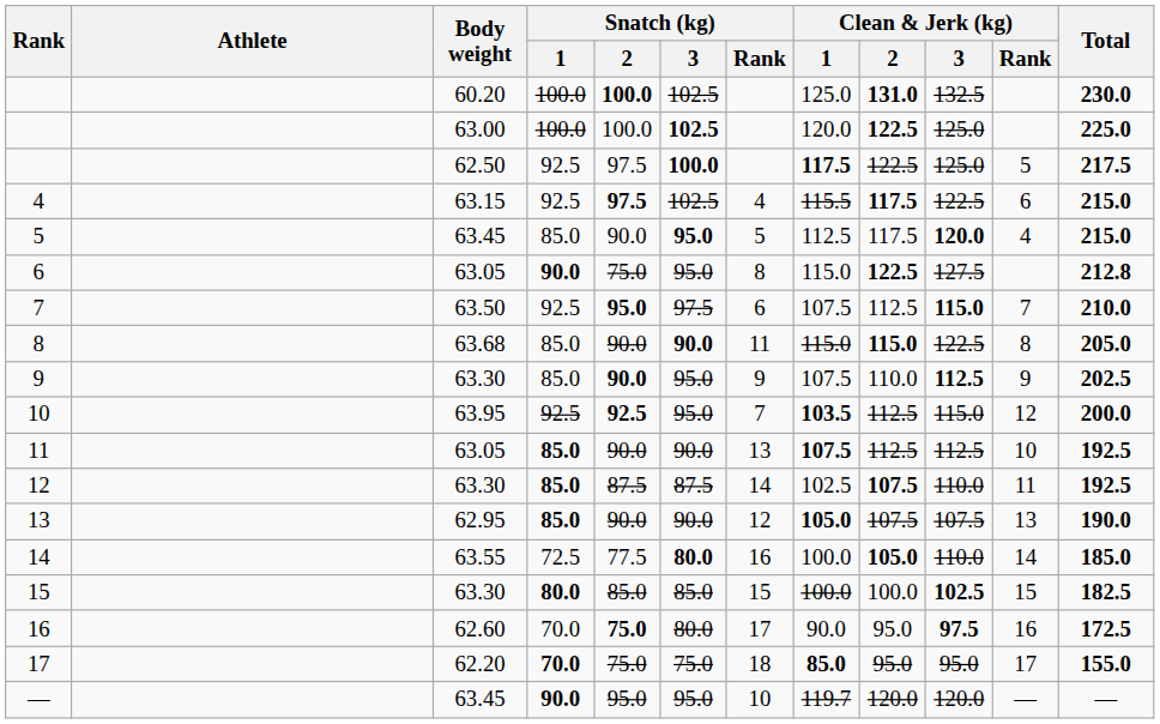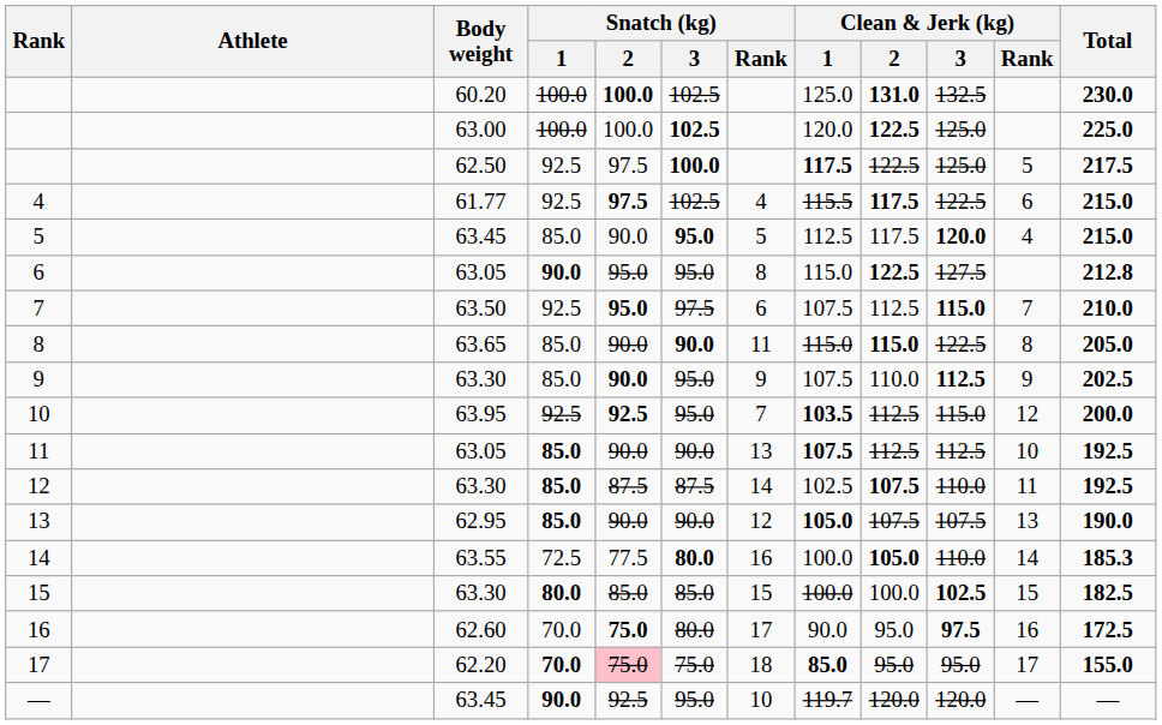 <table class = "wikitable" style="text-align:center;">
 <tr>
 <th rowspan=2 width=40>Rank</th>
 <th rowspan=2 width=250>Athlete</th>
 <th rowspan=2 width=60>Body weight</th>
 <th colspan=4>Snatch (kg)</th>
 <th colspan=4>Clean & Jerk (kg)</th>
 <th rowspan=2 width=60>Total</th>
 </tr>
 <tr>
 <th width=40>1</th>
 <th width=40>2</th>
 <th width=40>3</th>
 <th width=40>Rank</th>
 <th width=40>1</th>
 <th width=40>2</th>
 <th width=40>3</th>
 <th width=40>Rank</th>
 </tr>
 <tr>
 <td></td>
 <td align=left></td>
 <td>60.20</td>
 <td><s>100.0 </s></td>
 <td><strong>100.0</strong></td>
 <td><s>102.5 </s></td>
 <td></td>
 <td>125.0</td>
 <td><strong>131.0</strong></td>
 <td><s>132.5 </s></td>
 <td></td>
 <td><strong>230.0</strong></td>
 </tr>
 <tr>
 <td></td>
 <td align=left></td>
 <td>63.00</td>
 <td><s>100.0 </s></td>
 <td>100.0</td>
 <td><strong>102.5</strong></td>
 <td></td>
 <td>120.0</td>
 <td><strong>122.5</strong></td>
 <td><s>125.0 </s></td>
 <td></td>
 <td><strong>225.0</strong></td>
 </tr>
 <tr>
 <td></td>
 <td align=left></td>
 <td>62.50</td>
 <td>92.5</td>
 <td>97.5</td>
 <td><strong>100.0</strong></td>
 <td></td>
 <td><strong>117.5</strong></td>
 <td><s>122.5 </s></td>
 <td><s>125.0 </s></td>
 <td>5</td>
 <td><strong>217.5</strong></td>
 </tr>
 <tr>
 <td>4</td>
 <td align=left></td>
-<td>63.15</td>
+<td>61.77</td>
 <td>92.5</td>
 <td><strong>97.5</strong></td>
 <td><s>102.5 </s></td>
 <td>4</td>
 <td><s>115.5 </s></td>
 <td><strong>117.5</strong></td>
 <td><s>122.5 </s></td>
 <td>6</td>
 <td><strong>215.0</strong></td>
 </tr>
 <tr>
 <td>5</td>
 <td align=left></td>
 <td>63.45</td>
 <td>85.0</td>
 <td>90.0</td>
 <td><strong>95.0</strong></td>
 <td>5</td>
 <td>112.5</td>
 <td>117.5</td>
 <td><strong>120.0</strong></td>
 <td>4</td>
 <td><strong>215.0</strong></td>
 </tr>
 <tr>
 <td>6</td>
 <td align=left></td>
 <td>63.05</td>
 <td><strong>90.0</strong></td>
-<td><s>75.0 </s></td>
+<td><s>95.0 </s></td>
 <td><s>95.0 </s></td>
 <td>8</td>
 <td>115.0</td>
 <td><strong>122.5</strong></td>
 <td><s>127.5 </s></td>
 <td></td>
 <td><strong>212.8</strong></td>
 </tr>
 <tr>
 <td>7</td>
 <td align=left></td>
 <td>63.50</td>
 <td>92.5</td>
 <td><strong>95.0</strong></td>
 <td><s>97.5 </s></td>
 <td>6</td>
 <td>107.5</td>
 <td>112.5</td>
 <td><strong>115.0</strong></td>
 <td>7</td>
 <td><strong>210.0</strong></td>
 </tr>
 <tr>
 <td>8</td>
 <td align=left></td>
-<td>63.68</td>
+<td>63.65</td>
 <td>85.0</td>
 <td><s>90.0 </s></td>
 <td><strong>90.0</strong></td>
 <td>11</td>
 <td><s>115.0 </s></td>
 <td><strong>115.0</strong></td>
 <td><s>122.5 </s></td>
 <td>8</td>
 <td><strong>205.0</strong></td>
 </tr>
 <tr>
 <td>9</td>
 <td align=left></td>
 <td>63.30</td>
 <td>85.0</td>
 <td><strong>90.0</strong></td>
 <td><s>95.0 </s></td>
 <td>9</td>
 <td>107.5</td>
 <td>110.0</td>
 <td><strong>112.5</strong></td>
 <td>9</td>
 <td><strong>202.5</strong></td>
 </tr>
 <tr>
 <td>10</td>
 <td align=left></td>
 <td>63.95</td>
 <td><s>92.5 </s></td>
 <td><strong>92.5</strong></td>
 <td><s>95.0 </s></td>
 <td>7</td>
 <td><strong>103.5</strong></td>
 <td><s>112.5 </s></td>
 <td><s>115.0 </s></td>
 <td>12</td>
 <td><strong>200.0</strong></td>
 </tr>
 <tr>
 <td>11</td>
 <td align=left></td>
 <td>63.05</td>
 <td><strong>85.0</strong></td>
 <td><s>90.0 </s></td>
 <td><s>90.0 </s></td>
 <td>13</td>
 <td><strong>107.5</strong></td>
 <td><s>112.5 </s></td>
 <td><s>112.5 </s></td>
 <td>10</td>
 <td><strong>192.5</strong></td>
 </tr>
 <tr>
 <td>12</td>
 <td align=left></td>
 <td>63.30</td>
 <td><strong>85.0</strong></td>
 <td><s>87.5 </s></td>
 <td><s>87.5 </s></td>
 <td>14</td>
 <td>102.5</td>
 <td><strong>107.5</strong></td>
 <td><s>110.0 </s></td>
 <td>11</td>
 <td><strong>192.5</strong></td>
 </tr>
 <tr>
 <td>13</td>
 <td align=left></td>
 <td>62.95</td>
 <td><strong>85.0</strong></td>
 <td><s>90.0 </s></td>
 <td><s>90.0 </s></td>
 <td>12</td>
 <td><strong>105.0</strong></td>
 <td><s>107.5 </s></td>
 <td><s>107.5 </s></td>
 <td>13</td>
 <td><strong>190.0</strong></td>
 </tr>
 <tr>
 <td>14</td>
 <td align=left></td>
 <td>63.55</td>
 <td>72.5</td>
 <td>77.5</td>
 <td><strong>80.0</strong></td>
 <td>16</td>
 <td>100.0</td>
 <td><strong>105.0</strong></td>
 <td><s>110.0 </s></td>
 <td>14</td>
-<td><strong>185.0</strong></td>
+<td><strong>185.3</strong></td>
 </tr>
 <tr>
 <td>15</td>
 <td align=left></td>
 <td>63.30</td>
 <td><strong>80.0</strong></td>
 <td><s>85.0 </s></td>
 <td><s>85.0 </s></td>
 <td>15</td>
 <td><s>100.0 </s></td>
 <td>100.0</td>
 <td><strong>102.5</strong></td>
 <td>15</td>
 <td><strong>182.5</strong></td>
 </tr>
 <tr>
 <td>16</td>
 <td align=left></td>
 <td>62.60</td>
 <td>70.0</td>
 <td><strong>75.0</strong></td>
 <td><s>80.0 </s></td>
 <td>17</td>
 <td>90.0</td>
 <td>95.0</td>
 <td><strong>97.5</strong></td>
 <td>16</td>
 <td><strong>172.5</strong></td>
 </tr>
 <tr>
 <td>17</td>
 <td align=left></td>
 <td>62.20</td>
 <td><strong>70.0</strong></td>
-<td><s>75.0 </s></td>
+<td style="background: pink;"><s>75.0 </s></td>
 <td><s>75.0 </s></td>
 <td>18</td>
 <td><strong>85.0</strong></td>
 <td><s>95.0 </s></td>
 <td><s>95.0 </s></td>
 <td>17</td>
 <td><strong>155.0</strong></td>
 </tr>
 <tr>
 <td>—</td>
 <td align=left></td>
 <td>63.45</td>
 <td><strong>90.0</strong></td>
-<td><s>95.0 </s></td>
+<td><s>92.5 </s></td>
 <td><s>95.0 </s></td>
 <td>10</td>
 <td><s>119.7 </s></td>
 <td><s>120.0 </s></td>
 <td><s>120.0 </s></td>
 <td>—</td>
 <td>—</td>
 </tr>
 </table>
